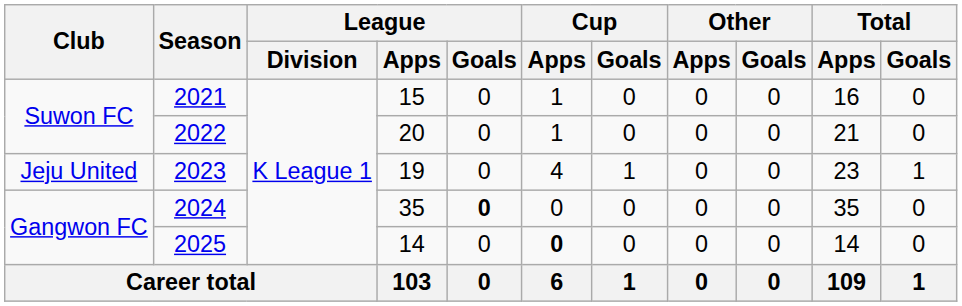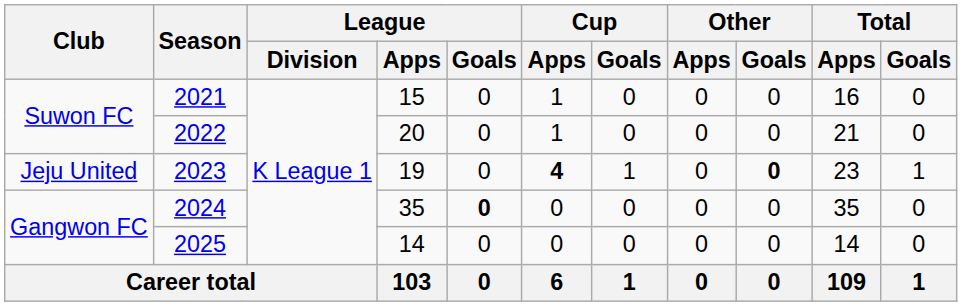 <table class="wikitable" style="text-align: center">
 <tr>
 <th rowspan="2">Club</th>
 <th rowspan="2">Season</th>
 <th colspan="3">League</th>
 <th colspan="2">Cup</th>
 <th colspan="2">Other</th>
 <th colspan="2">Total</th>
 </tr>
 <tr>
 <th>Division</th>
 <th>Apps</th>
 <th>Goals</th>
 <th>Apps</th>
 <th>Goals</th>
 <th>Apps</th>
 <th>Goals</th>
 <th>Apps</th>
 <th>Goals</th>
 </tr>
 <tr>
 <td rowspan="2"><a href='#'>Suwon FC</a></td>
 <td><a href='#'>2021</a></td>
 <td rowspan="5"><a href='#'>K League 1</a></td>
 <td>15</td>
 <td>0</td>
 <td>1</td>
 <td>0</td>
 <td>0</td>
 <td>0</td>
 <td>16</td>
 <td>0</td>
 </tr>
 <tr>
 <td><a href='#'>2022</a></td>
 <td>20</td>
 <td>0</td>
 <td>1</td>
 <td>0</td>
 <td>0</td>
 <td>0</td>
 <td>21</td>
 <td>0</td>
 </tr>
 <tr>
 <td rowspan="1"><a href='#'>Jeju United</a></td>
 <td><a href='#'>2023</a></td>
 <td>19</td>
 <td>0</td>
-<td>4</td>
+<td><strong>4</strong></td>
 <td>1</td>
 <td>0</td>
-<td>0</td>
+<td><strong>0</strong></td>
 <td>23</td>
 <td>1</td>
 </tr>
 <tr>
 <td rowspan="2"><a href='#'>Gangwon FC</a></td>
 <td><a href='#'>2024</a></td>
 <td>35</td>
 <td><strong>0</strong></td>
 <td>0</td>
 <td>0</td>
 <td>0</td>
 <td>0</td>
 <td>35</td>
 <td>0</td>
 </tr>
 <tr>
 <td><a href='#'>2025</a></td>
 <td>14</td>
 <td>0</td>
-<td><strong>0</strong></td>
+<td>0</td>
 <td>0</td>
 <td>0</td>
 <td>0</td>
 <td>14</td>
 <td>0</td>
 </tr>
 <tr>
 <th colspan=3>Career total</th>
 <th>103</th>
 <th>0</th>
 <th>6</th>
 <th>1</th>
 <th>0</th>
 <th>0</th>
 <th>109</th>
 <th>1</th>
 </tr>
 </table>
